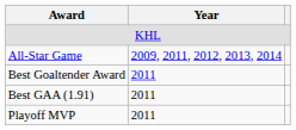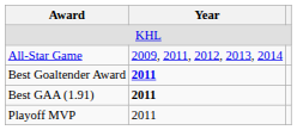 <table class="wikitable">
 <tr>
 <th>Award</th>
 <th>Year</th>
 <th></th>
 </tr>
 <tr ALIGN="center" bgcolor="#e0e0e0">
 <td colspan="3"><a href='#'>KHL</a></td>
 </tr>
 <tr>
 <td><a href='#'>All-Star Game</a></td>
 <td><a href='#'>2009</a>, <a href='#'>2011</a>, <a href='#'>2012</a>, <a href='#'>2013</a>, <a href='#'>2014</a></td>
 <td></td>
 </tr>
 <tr>
 <td>Best Goaltender Award</td>
-<td><a href='#'>2011</a></td>
+<td><strong><a href='#'>2011</a></strong></td>
 <td></td>
 </tr>
 <tr>
 <td>Best GAA (1.91)</td>
-<td>2011</td>
+<td><strong>2011</strong></td>
 <td></td>
 </tr>
 <tr>
 <td>Playoff MVP</td>
 <td>2011</td>
 <td></td>
 </tr>
 </table>
